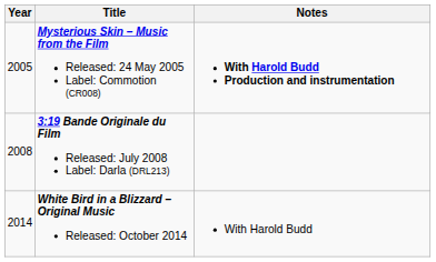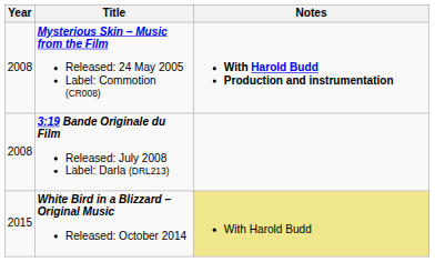 <table class="wikitable">
 <tr>
 <th width="33">Year</th>
 <th width="260">Title</th>
 <th width="400">Notes</th>
 </tr>
 <tr>
-<td align="center">2005</td>
+<td align="center">2008</td>
 <td><strong><em><a href='#'>Mysterious Skin – Music from the Film</a></em></strong><br><ul><li>Released: 24 May 2005</li><li>Label: Commotion <small>(CR008)</small></li></ul></td>
 <td><strong><br><ul><li>With <a href='#'>Harold Budd</a></li><li>Production and instrumentation</li></ul></strong></td>
 </tr>
 <tr>
 <td align="center">2008</td>
 <td><strong><em><a href='#'>3:19</a> Bande Originale du Film</em></strong><br><ul><li>Released: July 2008</li><li>Label: Darla <small>(DRL213)</small></li></ul></td>
 <td></td>
 </tr>
 <tr>
-<td align="center">2014</td>
+<td align="center">2015</td>
 <td><strong><em>White Bird in a Blizzard – Original Music</em></strong><br><ul><li>Released: October 2014</li></ul></td>
-<td><br><ul><li>With Harold Budd</li></ul></td>
+<td style="background: khaki;"><br><ul><li>With Harold Budd</li></ul></td>
 </tr>
 </table>
